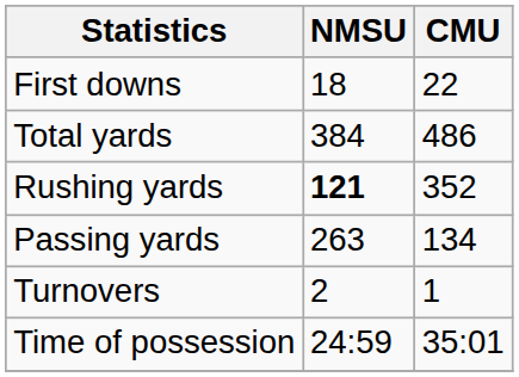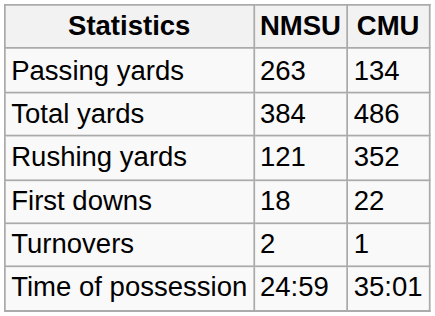 <table class="wikitable">
 <tr>
 <th>Statistics</th>
 <th>NMSU</th>
 <th>CMU</th>
 </tr>
 <tr>
-<td>First downs</td>
-<td>18</td>
-<td>22</td>
+<td>Passing yards</td>
+<td>263</td>
+<td>134</td>
 </tr>
 <tr>
 <td>Total yards</td>
 <td>384</td>
 <td>486</td>
 </tr>
 <tr>
 <td>Rushing yards</td>
-<td><strong>121</strong></td>
+<td>121</td>
 <td>352</td>
 </tr>
 <tr>
-<td>Passing yards</td>
-<td>263</td>
-<td>134</td>
+<td>First downs</td>
+<td>18</td>
+<td>22</td>
 </tr>
 <tr>
 <td>Turnovers</td>
 <td>2</td>
 <td>1</td>
 </tr>
 <tr>
 <td>Time of possession</td>
 <td>24:59</td>
 <td>35:01</td>
 </tr>
 <tr>
 </tr>
 </table>
